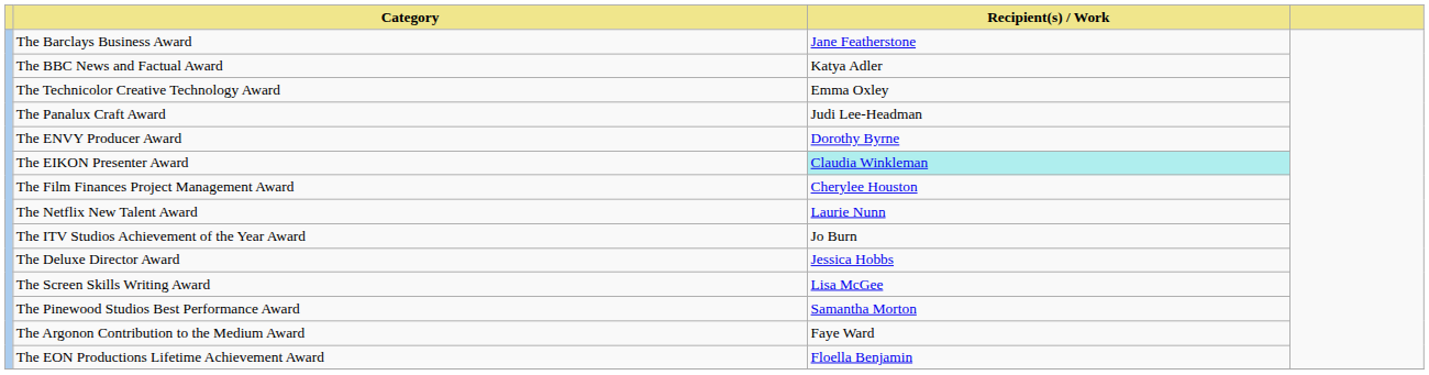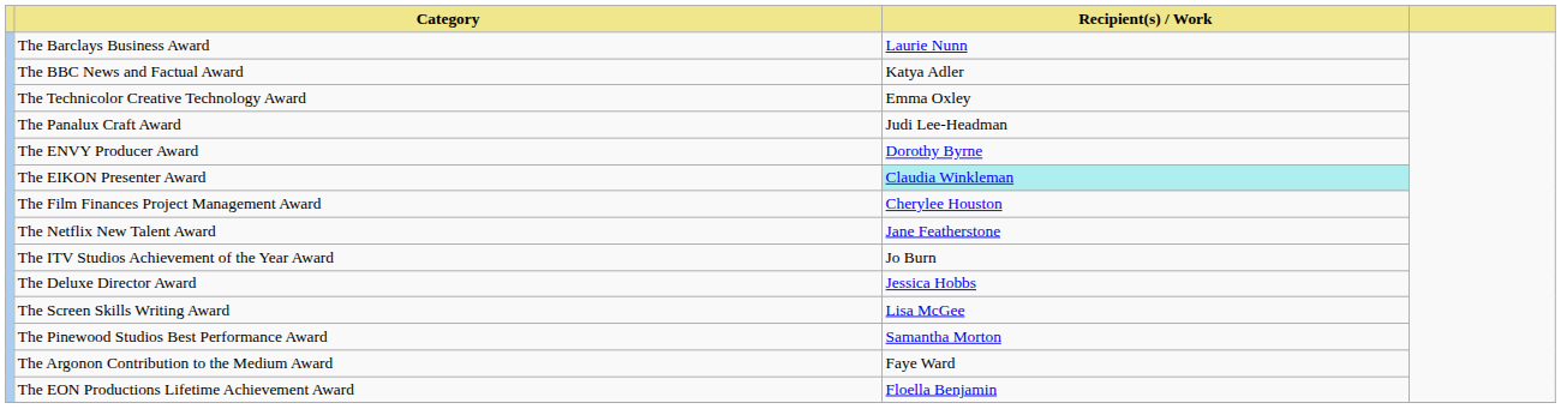 <table class="wikitable" width="70%" scope="col" style="text-align: left; font-size: 90%">
 <tr col>
 <th style="background:#F0E68C" width="1px"></th>
 <th style="background:#F0E68C" width="56%">Category</th>
 <th style="background:#F0E68C" width="34%">Recipient(s) / Work</th>
 <th style="background:#F0E68C" scope="col" class="unsortable"></th>
 </tr>
 <tr>
 <td rowspan="14"  style="background: #abcdef;"></td>
 <td scope="col" style="align:left">The Barclays Business Award</td>
-<td><a href='#'>Jane Featherstone</a></td>
+<td><a href='#'>Laurie Nunn</a></td>
 <td rowspan="14"></td>
 </tr>
 <tr>
 <td>The BBC News and Factual Award</td>
 <td>Katya Adler</td>
 </tr>
 <tr>
 <td>The Technicolor Creative Technology Award</td>
 <td>Emma Oxley</td>
 </tr>
 <tr>
 <td>The Panalux Craft Award</td>
 <td>Judi Lee-Headman</td>
 </tr>
 <tr>
 <td>The ENVY Producer Award</td>
 <td><a href='#'>Dorothy Byrne</a></td>
 </tr>
 <tr>
 <td>The EIKON Presenter Award</td>
 <td style="background: paleturquoise;"><a href='#'>Claudia Winkleman</a></td>
 </tr>
 <tr>
 <td>The Film Finances Project Management Award</td>
 <td><a href='#'>Cherylee Houston</a></td>
 </tr>
 <tr>
 <td>The Netflix New Talent Award</td>
-<td><a href='#'>Laurie Nunn</a></td>
+<td><a href='#'>Jane Featherstone</a></td>
 </tr>
 <tr>
 <td>The ITV Studios Achievement of the Year Award</td>
 <td>Jo Burn</td>
 </tr>
 <tr>
 <td>The Deluxe Director Award</td>
 <td><a href='#'>Jessica Hobbs</a></td>
 </tr>
 <tr>
 <td>The Screen Skills Writing Award</td>
 <td><a href='#'>Lisa McGee</a></td>
 </tr>
 <tr>
 <td>The Pinewood Studios Best Performance Award</td>
 <td><a href='#'>Samantha Morton</a></td>
 </tr>
 <tr>
 <td>The Argonon Contribution to the Medium Award</td>
 <td>Faye Ward</td>
 </tr>
 <tr>
 <td>The EON Productions Lifetime Achievement Award</td>
 <td><a href='#'>Floella Benjamin</a></td>
 </tr>
 <tr>
 </tr>
 </table>
